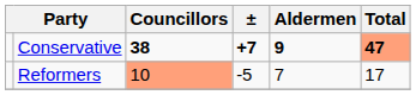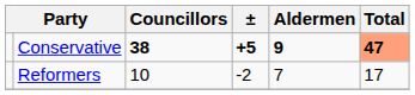 <table class="wikitable">
 <tr>
 <th colspan="2">Party</th>
 <th>Councillors</th>
 <th>  ±  </th>
 <th>Aldermen</th>
 <th>Total</th>
 </tr>
 <tr>
 <td style="background-color: "></td>
 <td><a href='#'>Conservative</a></td>
 <td><strong>38</strong></td>
-<td><strong>+7</strong></td>
+<td><strong>+5</strong></td>
 <td><strong>9</strong></td>
 <td style="background: lightsalmon;"><strong>47</strong></td>
 </tr>
 <tr>
 <td style="background-color: "></td>
 <td><a href='#'>Reformers</a></td>
-<td style="background: lightsalmon;">10</td>
-<td>-5</td>
+<td>10</td>
+<td>-2</td>
 <td>7</td>
 <td>17</td>
 </tr>
 <tr>
 </tr>
 </table>
